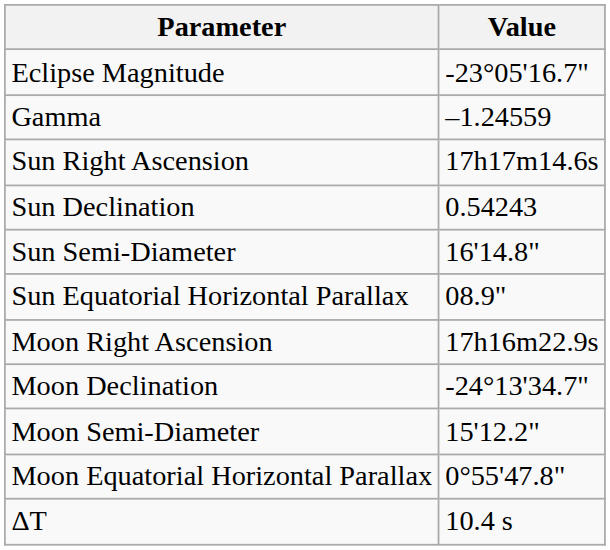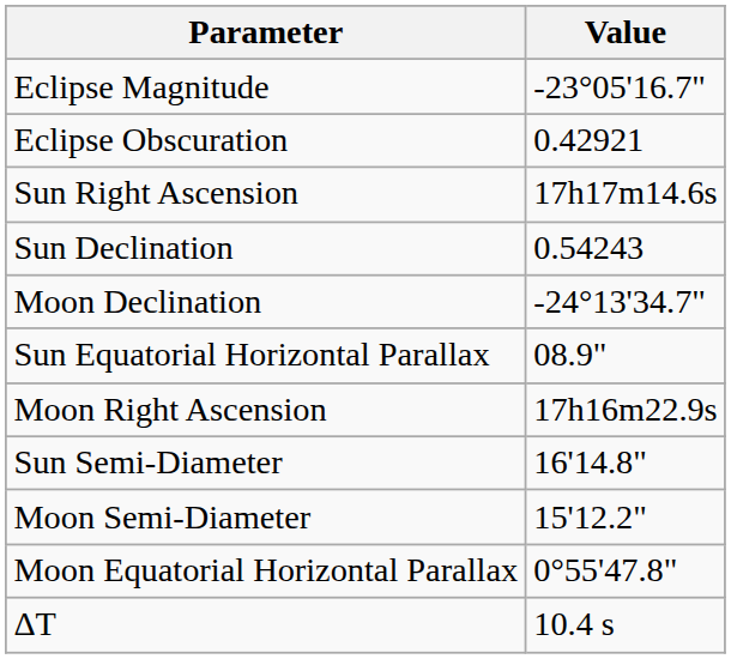 <table class="wikitable">
 <tr>
 <th>Parameter</th>
 <th>Value</th>
 </tr>
 <tr>
 <td>Eclipse Magnitude</td>
 <td>-23°05'16.7"</td>
 </tr>
 <tr>
-<td>Gamma</td>
-<td>–1.24559</td>
+<td>Eclipse Obscuration</td>
+<td>0.42921</td>
 </tr>
 <tr>
 <td>Sun Right Ascension</td>
 <td>17h17m14.6s</td>
 </tr>
 <tr>
 <td>Sun Declination</td>
 <td>0.54243</td>
 </tr>
 <tr>
-<td>Sun Semi-Diameter</td>
-<td>16'14.8"</td>
+<td>Moon Declination</td>
+<td>-24°13'34.7"</td>
 </tr>
 <tr>
 <td>Sun Equatorial Horizontal Parallax</td>
 <td>08.9"</td>
 </tr>
 <tr>
 <td>Moon Right Ascension</td>
 <td>17h16m22.9s</td>
 </tr>
 <tr>
-<td>Moon Declination</td>
-<td>-24°13'34.7"</td>
+<td>Sun Semi-Diameter</td>
+<td>16'14.8"</td>
 </tr>
 <tr>
 <td>Moon Semi-Diameter</td>
 <td>15'12.2"</td>
 </tr>
 <tr>
 <td>Moon Equatorial Horizontal Parallax</td>
 <td>0°55'47.8"</td>
 </tr>
 <tr>
 <td>ΔT</td>
 <td>10.4 s</td>
 </tr>
 </table>
